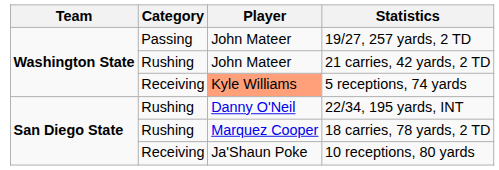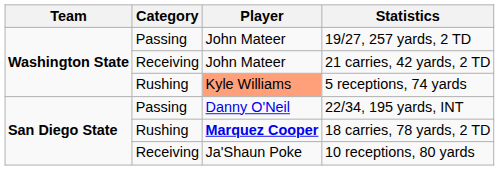 <table class="wikitable" style="float: right;">
 <tr>
 <th>Team</th>
 <th>Category</th>
 <th>Player</th>
 <th>Statistics</th>
 </tr>
 <tr>
 <td rowspan=3><strong>Washington State</strong></td>
 <td>Passing</td>
 <td>John Mateer</td>
 <td>19/27, 257 yards, 2 TD</td>
 </tr>
 <tr>
-<td>Rushing</td>
+<td>Receiving</td>
 <td>John Mateer</td>
 <td>21 carries, 42 yards, 2 TD</td>
 </tr>
 <tr>
-<td>Receiving</td>
+<td>Rushing</td>
 <td style="background: lightsalmon;">Kyle Williams</td>
 <td>5 receptions, 74 yards</td>
 </tr>
 <tr>
 <td rowspan=3><strong>San Diego State</strong></td>
-<td>Rushing</td>
+<td>Passing</td>
 <td><a href='#'>Danny O'Neil</a></td>
 <td>22/34, 195 yards, INT</td>
 </tr>
 <tr>
 <td>Rushing</td>
-<td><a href='#'>Marquez Cooper</a></td>
+<td><strong><a href='#'>Marquez Cooper</a></strong></td>
 <td>18 carries, 78 yards, 2 TD</td>
 </tr>
 <tr>
 <td>Receiving</td>
 <td>Ja'Shaun Poke</td>
 <td>10 receptions, 80 yards</td>
 </tr>
 </table>
